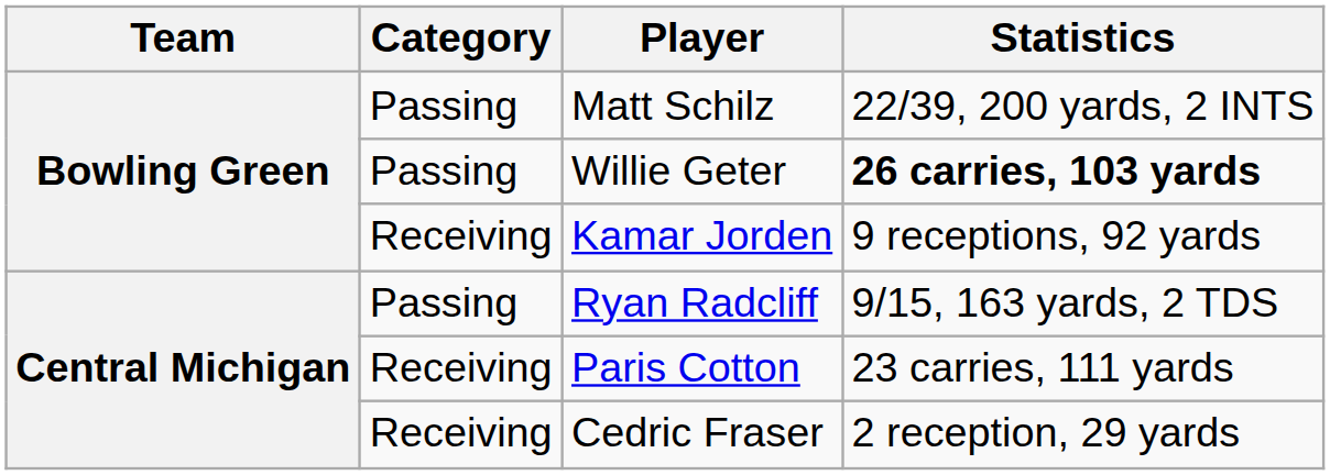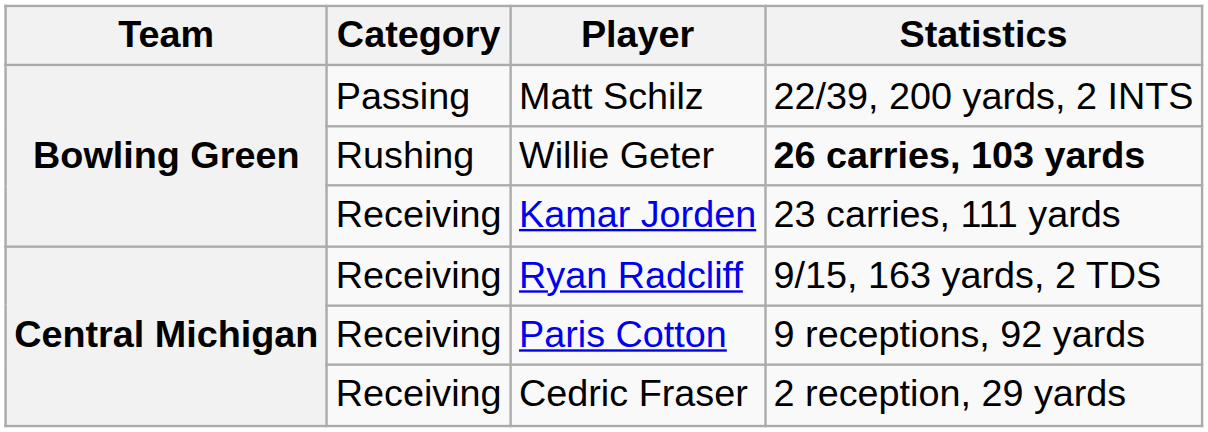 <table class="wikitable" style="float:right">
 <tr>
 <th>Team</th>
 <th>Category</th>
 <th>Player</th>
 <th>Statistics</th>
 </tr>
 <tr>
 <th rowspan=3>Bowling Green</th>
 <td>Passing</td>
 <td>Matt Schilz</td>
 <td>22/39, 200 yards, 2 INTS</td>
 </tr>
 <tr>
-<td>Passing</td>
+<td>Rushing</td>
 <td>Willie Geter</td>
 <td><strong>26 carries, 103 yards</strong></td>
 </tr>
 <tr>
 <td>Receiving</td>
 <td><a href='#'>Kamar Jorden</a></td>
-<td>9 receptions, 92 yards</td>
+<td>23 carries, 111 yards</td>
 </tr>
 <tr>
 <th rowspan=3>Central Michigan</th>
-<td>Passing</td>
+<td>Receiving</td>
 <td><a href='#'>Ryan Radcliff</a></td>
 <td>9/15, 163 yards, 2 TDS</td>
 </tr>
 <tr>
 <td>Receiving</td>
 <td><a href='#'>Paris Cotton</a></td>
-<td>23 carries, 111 yards</td>
+<td>9 receptions, 92 yards</td>
 </tr>
 <tr>
 <td>Receiving</td>
 <td>Cedric Fraser</td>
 <td>2 reception, 29 yards</td>
 </tr>
 </table>
